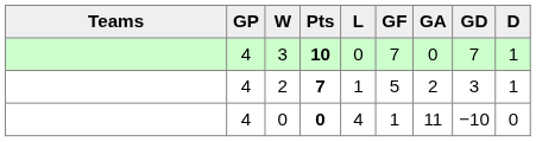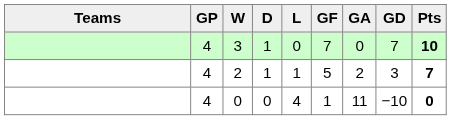 <table style=border-collapse:collapse border=1 cellspacing=0 cellpadding=5>
 <tr align=center bgcolor=#efefef>
 <th width=185>Teams</th>
 <th width=20>GP</th>
 <th width=20>W</th>
-<th width=20>Pts</th>
+<th width=20>D</th>
 <th width=20>L</th>
 <th width=20>GF</th>
 <th width=20>GA</th>
 <th width=20>GD</th>
-<th width=20>D</th>
+<th width=20>Pts</th>
 </tr>
 <tr align=center style="background:#ccffcc;">
 <td style="text-align:left;"></td>
 <td>4</td>
 <td>3</td>
-<td><strong>10</strong></td>
+<td>1</td>
 <td>0</td>
 <td>7</td>
 <td>0</td>
 <td>7</td>
-<td>1</td>
+<td><strong>10</strong></td>
 </tr>
 <tr align=center>
 <td style="text-align:left;"></td>
 <td>4</td>
 <td>2</td>
-<td><strong>7</strong></td>
+<td>1</td>
 <td>1</td>
 <td>5</td>
 <td>2</td>
 <td>3</td>
-<td>1</td>
+<td><strong>7</strong></td>
 </tr>
 <tr align=center>
 <td style="text-align:left;"></td>
 <td>4</td>
 <td>0</td>
-<td><strong>0</strong></td>
+<td>0</td>
 <td>4</td>
 <td>1</td>
 <td>11</td>
 <td>−10</td>
-<td>0</td>
+<td><strong>0</strong></td>
 </tr>
 </table>
